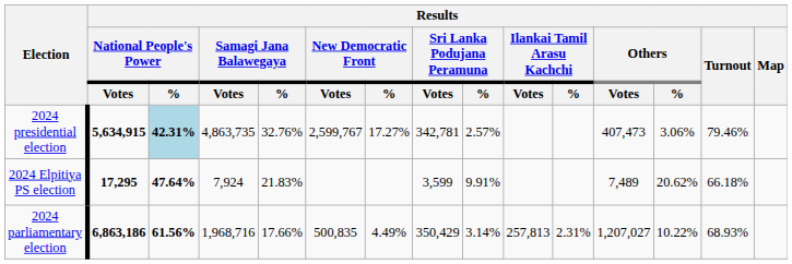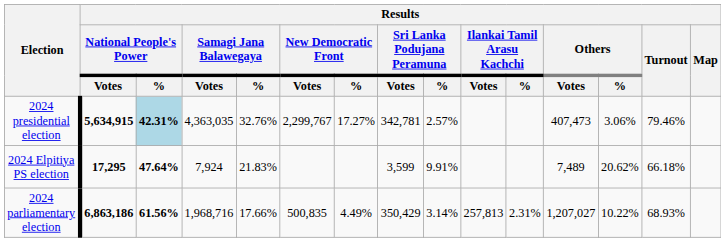 <table class="wikitable" style="margin:1em auto; text-align:center; font-size:90%;">
 <tr>
 <th rowspan=3>Election</th>
 <th colspan=15>Results</th>
 </tr>
 <tr>
 <th colspan=2 style="border-bottom:4px solid "><a href='#'>National People's Power</a></th>
 <th colspan=2 style="border-bottom:4px solid "><a href='#'>Samagi Jana Balawegaya</a></th>
 <th colspan=2 style="border-bottom:4px solid "><a href='#'>New Democratic Front</a></th>
 <th colspan=2 style="border-bottom:4px solid "><a href='#'>Sri Lanka Podujana Peramuna</a></th>
 <th colspan=2 style="border-bottom:4px solid "><a href='#'>Ilankai Tamil Arasu Kachchi</a></th>
 <th colspan=2 style="border-bottom:4px solid grey;">Others</th>
 <th rowspan=2>Turnout</th>
 <th rowspan=2>Map</th>
 </tr>
 <tr style="text-align:center;">
 <th style="width: 4em">Votes</th>
 <th style="width: 4em">%</th>
 <th style="width: 4em">Votes</th>
 <th style="width: 4em">%</th>
 <th style="width: 4em">Votes</th>
 <th style="width: 4em">%</th>
 <th style="width: 4em">Votes</th>
 <th style="width: 4em">%</th>
 <th style="width: 4em">Votes</th>
 <th style="width: 4em">%</th>
 <th style="width: 4em">Votes</th>
 <th style="width: 4em">%</th>
 </tr>
 <tr>
 <td style="border-right:5px solid "><a href='#'>2024 presidential election</a></td>
 <td style="font-weight:bold;">5,634,915</td>
 <td style="background: lightblue; font-weight:bold;">42.31%</td>
-<td>4,863,735</td>
+<td>4,363,035</td>
 <td>32.76%</td>
-<td>2,599,767</td>
+<td>2,299,767</td>
 <td>17.27%</td>
 <td>342,781</td>
 <td>2.57%</td>
 <td></td>
 <td></td>
 <td>407,473</td>
 <td>3.06%</td>
 <td>79.46%</td>
 <td></td>
 </tr>
 <tr style="height:50px">
 <td style="border-right:5px solid "><a href='#'>2024 Elpitiya PS election</a></td>
 <td style="font-weight:bold;">17,295</td>
 <td style="font-weight:bold;">47.64%</td>
 <td>7,924</td>
 <td>21.83%</td>
 <td></td>
 <td></td>
 <td>3,599</td>
 <td>9.91%</td>
 <td></td>
 <td></td>
 <td>7,489</td>
 <td>20.62%</td>
 <td>66.18%</td>
 <td></td>
 </tr>
 <tr style="height:50px">
 <td style="border-right:5px solid "><a href='#'>2024 parliamentary election</a></td>
 <td style="font-weight:bold;">6,863,186</td>
 <td style="font-weight:bold;">61.56%</td>
 <td>1,968,716</td>
 <td>17.66%</td>
 <td>500,835</td>
 <td>4.49%</td>
 <td>350,429</td>
 <td>3.14%</td>
 <td>257,813</td>
 <td>2.31%</td>
 <td>1,207,027</td>
 <td>10.22%</td>
 <td>68.93%</td>
 <td></td>
 </tr>
 </table>
